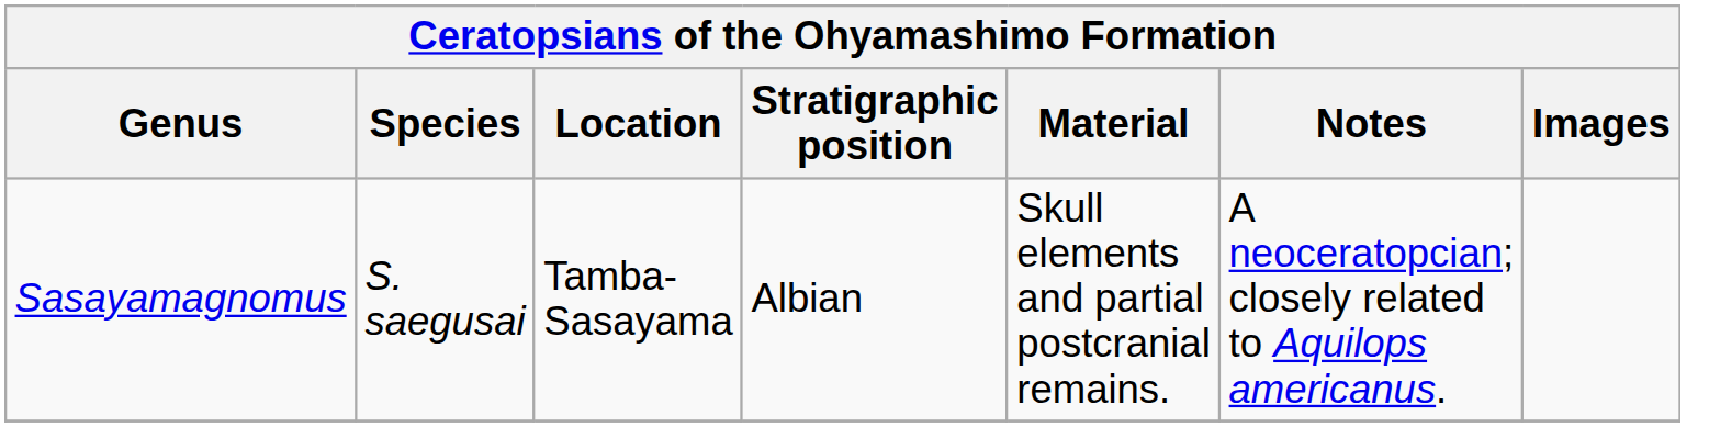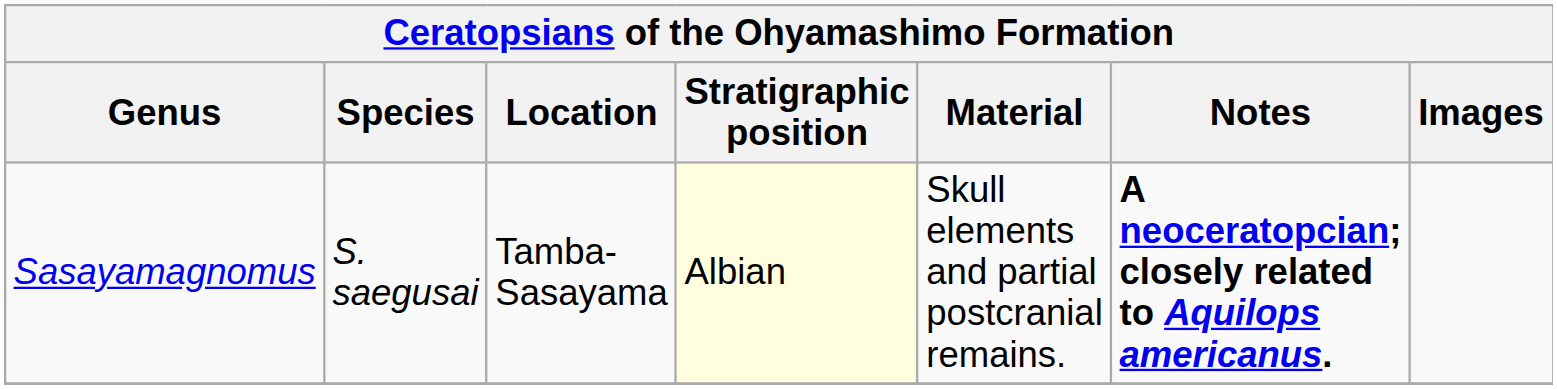 <table class="wikitable" align="center">
 <tr>
 <th colspan="7" align="center"><a href='#'>Ceratopsians</a> of the Ohyamashimo Formation</th>
 </tr>
 <tr>
 <th>Genus</th>
 <th>Species</th>
 <th>Location</th>
 <th>Stratigraphic position</th>
 <th>Material</th>
 <th>Notes</th>
 <th>Images</th>
 </tr>
 <tr>
 <td><em><a href='#'>Sasayamagnomus</a></em></td>
 <td><em>S. saegusai</em></td>
 <td>Tamba-Sasayama</td>
-<td>Albian</td>
+<td style="background: lightyellow;">Albian</td>
 <td>Skull elements and partial postcranial remains.</td>
-<td>A <a href='#'>neoceratopcian</a>; closely related to <em><a href='#'>Aquilops americanus</a></em>.</td>
+<td><strong>A <a href='#'>neoceratopcian</a>; closely related to <em><a href='#'>Aquilops americanus</a></em>.</strong></td>
 <td></td>
 </tr>
 <tr>
 </tr>
 </table>
